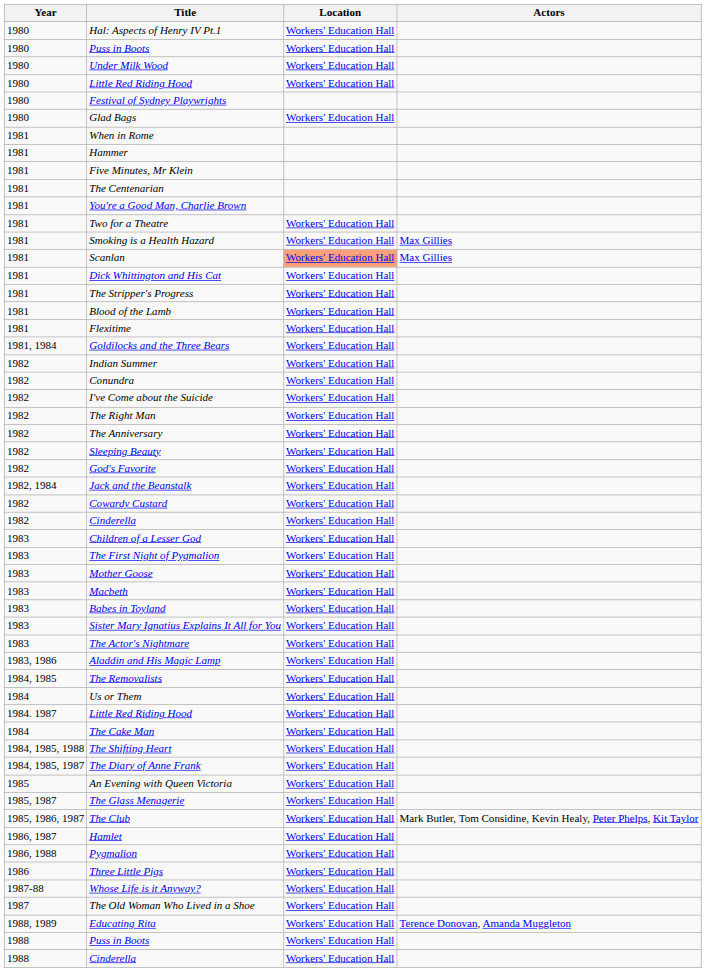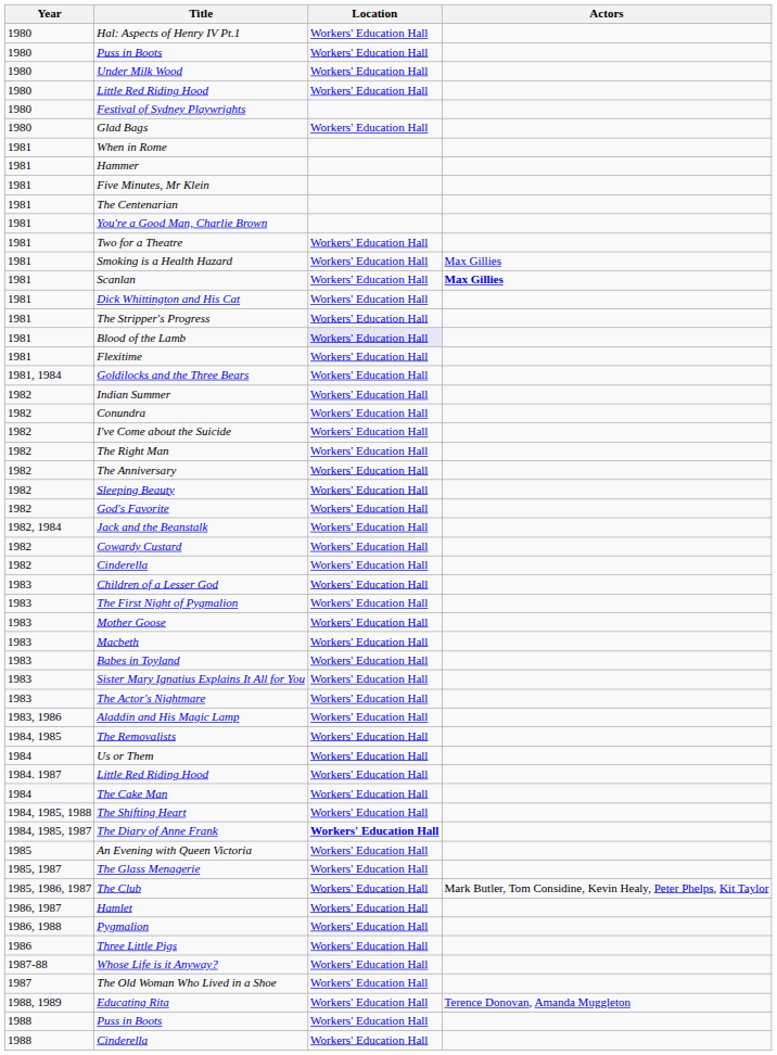 <table class="wikitable">
 <tr>
 <th>Year</th>
 <th>Title</th>
 <th>Location</th>
 <th>Actors</th>
 </tr>
 <tr>
 <td>1980</td>
 <td><em>Hal: Aspects of Henry IV Pt.1</em></td>
 <td><a href='#'>Workers' Education Hall</a></td>
 <td></td>
 </tr>
 <tr>
 <td>1980</td>
 <td><em><a href='#'>Puss in Boots</a></em></td>
 <td><a href='#'>Workers' Education Hall</a></td>
 <td></td>
 </tr>
 <tr>
 <td>1980</td>
 <td><em><a href='#'>Under Milk Wood</a></em></td>
 <td><a href='#'>Workers' Education Hall</a></td>
 <td></td>
 </tr>
 <tr>
 <td>1980</td>
 <td><em><a href='#'>Little Red Riding Hood</a></em></td>
 <td><a href='#'>Workers' Education Hall</a></td>
 <td></td>
 </tr>
 <tr>
 <td>1980</td>
 <td><em><a href='#'>Festival of Sydney Playwrights</a></em></td>
 <td></td>
 <td></td>
 </tr>
 <tr>
 <td>1980</td>
 <td><em>Glad Bags</em></td>
 <td><a href='#'>Workers' Education Hall</a></td>
 <td></td>
 </tr>
 <tr>
 <td>1981</td>
 <td><em>When in Rome</em></td>
 <td></td>
 <td></td>
 </tr>
 <tr>
 <td>1981</td>
 <td><em>Hammer</em></td>
 <td></td>
 <td></td>
 </tr>
 <tr>
 <td>1981</td>
 <td><em>Five Minutes, Mr Klein</em></td>
 <td></td>
 <td></td>
 </tr>
 <tr>
 <td>1981</td>
 <td><em>The Centenarian</em></td>
 <td></td>
 <td></td>
 </tr>
 <tr>
 <td>1981</td>
 <td><em><a href='#'>You're a Good Man, Charlie Brown</a></em></td>
 <td></td>
 <td></td>
 </tr>
 <tr>
 <td>1981</td>
 <td><em>Two for a Theatre</em></td>
 <td><a href='#'>Workers' Education Hall</a></td>
 <td></td>
 </tr>
 <tr>
 <td>1981</td>
 <td><em>Smoking is a Health Hazard</em></td>
 <td><a href='#'>Workers' Education Hall</a></td>
 <td><a href='#'>Max Gillies</a></td>
 </tr>
 <tr>
 <td>1981</td>
 <td><em>Scanlan</em></td>
-<td style="background: lightsalmon;"><a href='#'>Workers' Education Hall</a></td>
-<td><a href='#'>Max Gillies</a></td>
+<td><a href='#'>Workers' Education Hall</a></td>
+<td><strong><a href='#'>Max Gillies</a></strong></td>
 </tr>
 <tr>
 <td>1981</td>
 <td><em><a href='#'>Dick Whittington and His Cat</a></em></td>
 <td><a href='#'>Workers' Education Hall</a></td>
 <td></td>
 </tr>
 <tr>
 <td>1981</td>
 <td><em>The Stripper's Progress</em></td>
 <td><a href='#'>Workers' Education Hall</a></td>
 <td></td>
 </tr>
 <tr>
 <td>1981</td>
 <td><em>Blood of the Lamb</em></td>
-<td><a href='#'>Workers' Education Hall</a></td>
+<td style="background: lavender;"><a href='#'>Workers' Education Hall</a></td>
 <td></td>
 </tr>
 <tr>
 <td>1981</td>
 <td><em>Flexitime</em></td>
 <td><a href='#'>Workers' Education Hall</a></td>
 <td></td>
 </tr>
 <tr>
 <td>1981, 1984</td>
 <td><em><a href='#'>Goldilocks and the Three Bears</a></em></td>
 <td><a href='#'>Workers' Education Hall</a></td>
 <td></td>
 </tr>
 <tr>
 <td>1982</td>
 <td><em>Indian Summer</em></td>
 <td><a href='#'>Workers' Education Hall</a></td>
 <td></td>
 </tr>
 <tr>
 <td>1982</td>
 <td><em>Conundra</em></td>
 <td><a href='#'>Workers' Education Hall</a></td>
 <td></td>
 </tr>
 <tr>
 <td>1982</td>
 <td><em>I've Come about the Suicide</em></td>
 <td><a href='#'>Workers' Education Hall</a></td>
 <td></td>
 </tr>
 <tr>
 <td>1982</td>
 <td><em>The Right Man</em></td>
 <td><a href='#'>Workers' Education Hall</a></td>
 <td></td>
 </tr>
 <tr>
 <td>1982</td>
 <td><em>The Anniversary</em></td>
 <td><a href='#'>Workers' Education Hall</a></td>
 <td></td>
 </tr>
 <tr>
 <td>1982</td>
 <td><em><a href='#'>Sleeping Beauty</a></em></td>
 <td><a href='#'>Workers' Education Hall</a></td>
 <td></td>
 </tr>
 <tr>
 <td>1982</td>
 <td><em><a href='#'>God's Favorite</a></em></td>
 <td><a href='#'>Workers' Education Hall</a></td>
 <td></td>
 </tr>
 <tr>
 <td>1982, 1984</td>
 <td><em><a href='#'>Jack and the Beanstalk</a></em></td>
 <td><a href='#'>Workers' Education Hall</a></td>
 <td></td>
 </tr>
 <tr>
 <td>1982</td>
 <td><em><a href='#'>Cowardy Custard</a></em></td>
 <td><a href='#'>Workers' Education Hall</a></td>
 <td></td>
 </tr>
 <tr>
 <td>1982</td>
 <td><em><a href='#'>Cinderella</a></em></td>
 <td><a href='#'>Workers' Education Hall</a></td>
 <td></td>
 </tr>
 <tr>
 <td>1983</td>
 <td><em><a href='#'>Children of a Lesser God</a></em></td>
 <td><a href='#'>Workers' Education Hall</a></td>
 <td></td>
 </tr>
 <tr>
 <td>1983</td>
 <td><em><a href='#'>The First Night of Pygmalion</a></em></td>
 <td><a href='#'>Workers' Education Hall</a></td>
 <td></td>
 </tr>
 <tr>
 <td>1983</td>
 <td><em><a href='#'>Mother Goose</a></em></td>
 <td><a href='#'>Workers' Education Hall</a></td>
 <td></td>
 </tr>
 <tr>
 <td>1983</td>
 <td><em><a href='#'>Macbeth</a></em></td>
 <td><a href='#'>Workers' Education Hall</a></td>
 <td></td>
 </tr>
 <tr>
 <td>1983</td>
 <td><em><a href='#'>Babes in Toyland</a></em></td>
 <td><a href='#'>Workers' Education Hall</a></td>
 <td></td>
 </tr>
 <tr>
 <td>1983</td>
 <td><em><a href='#'>Sister Mary Ignatius Explains It All for You</a></em></td>
 <td><a href='#'>Workers' Education Hall</a></td>
 <td></td>
 </tr>
 <tr>
 <td>1983</td>
 <td><em><a href='#'>The Actor's Nightmare</a></em></td>
 <td><a href='#'>Workers' Education Hall</a></td>
 <td></td>
 </tr>
 <tr>
 <td>1983, 1986</td>
 <td><em><a href='#'>Aladdin and His Magic Lamp</a></em></td>
 <td><a href='#'>Workers' Education Hall</a></td>
 <td></td>
 </tr>
 <tr>
 <td>1984, 1985</td>
 <td><em><a href='#'>The Removalists</a></em></td>
 <td><a href='#'>Workers' Education Hall</a></td>
 <td></td>
 </tr>
 <tr>
 <td>1984</td>
 <td><em>Us or Them</em></td>
 <td><a href='#'>Workers' Education Hall</a></td>
 <td></td>
 </tr>
 <tr>
 <td>1984. 1987</td>
 <td><em><a href='#'>Little Red Riding Hood</a></em></td>
 <td><a href='#'>Workers' Education Hall</a></td>
 <td></td>
 </tr>
 <tr>
 <td>1984</td>
 <td><em><a href='#'>The Cake Man</a></em></td>
 <td><a href='#'>Workers' Education Hall</a></td>
 <td></td>
 </tr>
 <tr>
 <td>1984, 1985, 1988</td>
 <td><em><a href='#'>The Shifting Heart</a></em></td>
 <td><a href='#'>Workers' Education Hall</a></td>
 <td></td>
 </tr>
 <tr>
 <td>1984, 1985, 1987</td>
 <td><em><a href='#'>The Diary of Anne Frank</a></em></td>
-<td><a href='#'>Workers' Education Hall</a></td>
+<td><strong><a href='#'>Workers' Education Hall</a></strong></td>
 <td></td>
 </tr>
 <tr>
 <td>1985</td>
 <td><em>An Evening with Queen Victoria</em></td>
 <td><a href='#'>Workers' Education Hall</a></td>
 <td></td>
 </tr>
 <tr>
 <td>1985, 1987</td>
 <td><em><a href='#'>The Glass Menagerie</a></em></td>
 <td><a href='#'>Workers' Education Hall</a></td>
 <td></td>
 </tr>
 <tr>
 <td>1985, 1986, 1987</td>
 <td><em><a href='#'>The Club</a></em></td>
 <td><a href='#'>Workers' Education Hall</a></td>
 <td>Mark Butler, Tom Considine, Kevin Healy, <a href='#'>Peter Phelps</a>, <a href='#'>Kit Taylor</a></td>
 </tr>
 <tr>
 <td>1986, 1987</td>
 <td><em><a href='#'>Hamlet</a></em></td>
 <td><a href='#'>Workers' Education Hall</a></td>
 <td></td>
 </tr>
 <tr>
 <td>1986, 1988</td>
 <td><em><a href='#'>Pygmalion</a></em></td>
 <td><a href='#'>Workers' Education Hall</a></td>
 <td></td>
 </tr>
 <tr>
 <td>1986</td>
 <td><em><a href='#'>Three Little Pigs</a></em></td>
 <td><a href='#'>Workers' Education Hall</a></td>
 <td></td>
 </tr>
 <tr>
 <td>1987-88</td>
 <td><em><a href='#'>Whose Life is it Anyway?</a></em></td>
 <td><a href='#'>Workers' Education Hall</a></td>
 <td></td>
 </tr>
 <tr>
 <td>1987</td>
 <td><em>The Old Woman Who Lived in a Shoe</em></td>
 <td><a href='#'>Workers' Education Hall</a></td>
 <td></td>
 </tr>
 <tr>
 <td>1988, 1989</td>
 <td><em><a href='#'>Educating Rita</a></em></td>
 <td><a href='#'>Workers' Education Hall</a></td>
 <td><a href='#'>Terence Donovan</a>, <a href='#'>Amanda Muggleton</a></td>
 </tr>
 <tr>
 <td>1988</td>
 <td><em><a href='#'>Puss in Boots</a></em></td>
 <td><a href='#'>Workers' Education Hall</a></td>
 <td></td>
 </tr>
 <tr>
 <td>1988</td>
 <td><em><a href='#'>Cinderella</a></em></td>
 <td><a href='#'>Workers' Education Hall</a></td>
 <td></td>
 </tr>
 </table>
